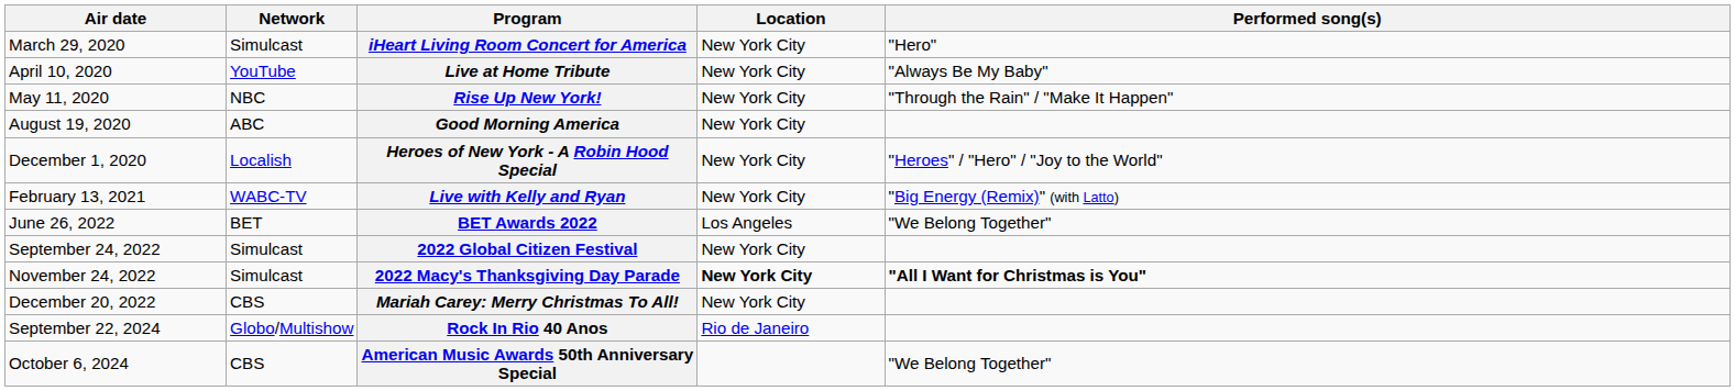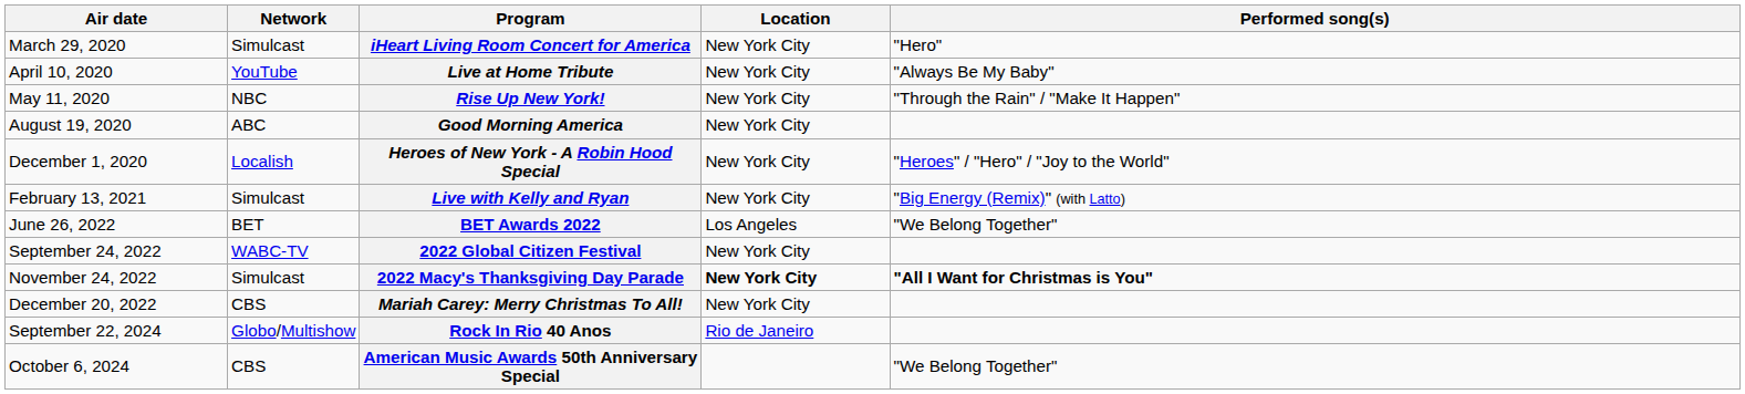 <table class="wikitable sortable plainrowheaders" style="font-size:95%;">
 <tr>
 <th style="width:13%;">Air date</th>
 <th style="width:6%;">Network</th>
 <th style="width:20%;">Program</th>
 <th style="width:11%;">Location</th>
 <th style="width:51%;">Performed song(s)</th>
 </tr>
 <tr>
 <td>March 29, 2020</td>
 <td>Simulcast</td>
 <th scope="row"><em><a href='#'>iHeart Living Room Concert for America</a></em></th>
 <td>New York City</td>
 <td>"Hero"</td>
 </tr>
 <tr>
 <td>April 10, 2020</td>
 <td><a href='#'>YouTube</a></td>
 <th scope="row"><em>Live at Home Tribute</em></th>
 <td>New York City</td>
 <td>"Always Be My Baby"</td>
 </tr>
 <tr>
 <td>May 11, 2020</td>
 <td>NBC</td>
 <th scope="row"><em><a href='#'>Rise Up New York!</a></em></th>
 <td>New York City</td>
 <td>"Through the Rain" / "Make It Happen"</td>
 </tr>
 <tr>
 <td>August 19, 2020</td>
 <td>ABC</td>
 <th scope="row"><em>Good Morning America</em></th>
 <td>New York City</td>
 <td></td>
 </tr>
 <tr>
 <td>December 1, 2020</td>
 <td><a href='#'>Localish</a></td>
 <th scope="row"><em>Heroes of New York - A <a href='#'>Robin Hood</a> Special</em></th>
 <td>New York City</td>
 <td>"<a href='#'>Heroes</a>" / "Hero" / "Joy to the World"</td>
 </tr>
 <tr>
 <td>February 13, 2021</td>
-<td><a href='#'>WABC-TV</a></td>
+<td>Simulcast</td>
 <th scope="row"><em><a href='#'>Live with Kelly and Ryan</a></em></th>
 <td>New York City</td>
 <td>"<a href='#'>Big Energy (Remix)</a>" <small>(with <a href='#'>Latto</a>)</small></td>
 </tr>
 <tr>
 <td>June 26, 2022</td>
 <td>BET</td>
 <th scope="row"><a href='#'>BET Awards 2022</a></th>
 <td>Los Angeles</td>
 <td>"We Belong Together"</td>
 </tr>
 <tr>
 <td>September 24, 2022</td>
-<td>Simulcast</td>
+<td><a href='#'>WABC-TV</a></td>
 <th scope="row"><a href='#'>2022 Global Citizen Festival</a></th>
 <td>New York City</td>
 <td></td>
 </tr>
 <tr>
 <td>November 24, 2022</td>
 <td>Simulcast</td>
 <th scope="row"><a href='#'>2022 Macy's Thanksgiving Day Parade</a></th>
 <td><strong>New York City</strong></td>
 <td><strong>"All I Want for Christmas is You"</strong></td>
 </tr>
 <tr>
 <td>December 20, 2022</td>
 <td>CBS</td>
 <th scope="row"><em>Mariah Carey: Merry Christmas To All!</em></th>
 <td>New York City</td>
 <td></td>
 </tr>
 <tr>
 <td>September 22, 2024</td>
 <td><a href='#'>Globo</a>/<a href='#'>Multishow</a></td>
 <th scope="row"><a href='#'>Rock In Rio</a> 40 Anos</th>
 <td><a href='#'>Rio de Janeiro</a></td>
 <td></td>
 </tr>
 <tr>
 <td>October 6, 2024</td>
 <td>CBS</td>
 <th scope="row"><a href='#'>American Music Awards</a> 50th Anniversary Special</th>
 <td></td>
 <td>"We Belong Together"</td>
 </tr>
 <tr>
 </tr>
 </table>
